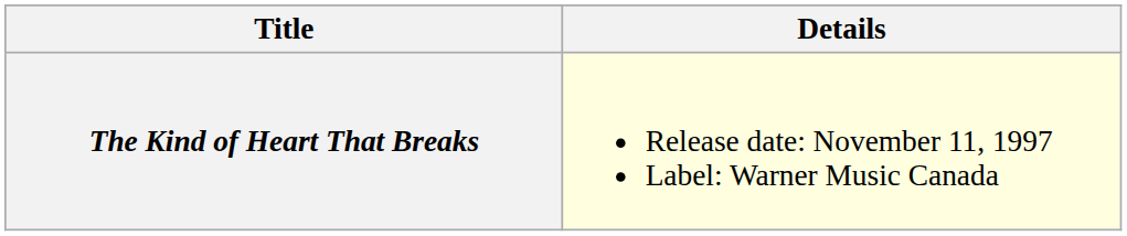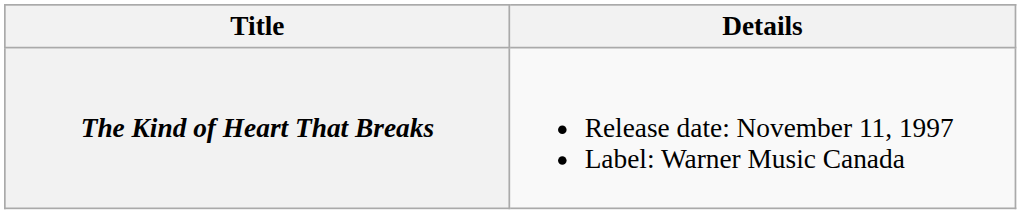 <table class="wikitable plainrowheaders">
 <tr>
 <th style="width:18em;">Title</th>
 <th style="width:18em;">Details</th>
 </tr>
 <tr>
 <th scope="row"><em>The Kind of Heart That Breaks</em></th>
-<td style="background: lightyellow;"><br><ul><li>Release date: November 11, 1997</li><li>Label: Warner Music Canada</li></ul></td>
+<td><br><ul><li>Release date: November 11, 1997</li><li>Label: Warner Music Canada</li></ul></td>
 </tr>
 </table>
